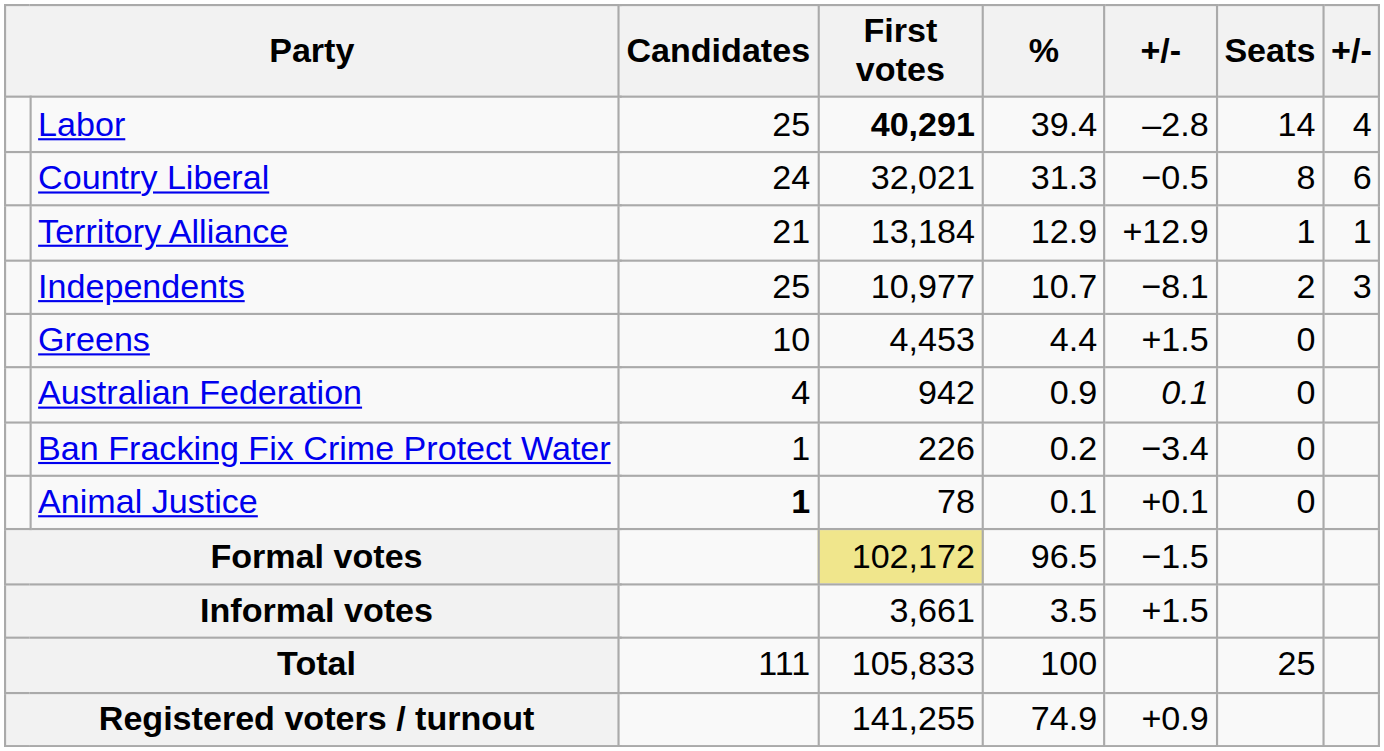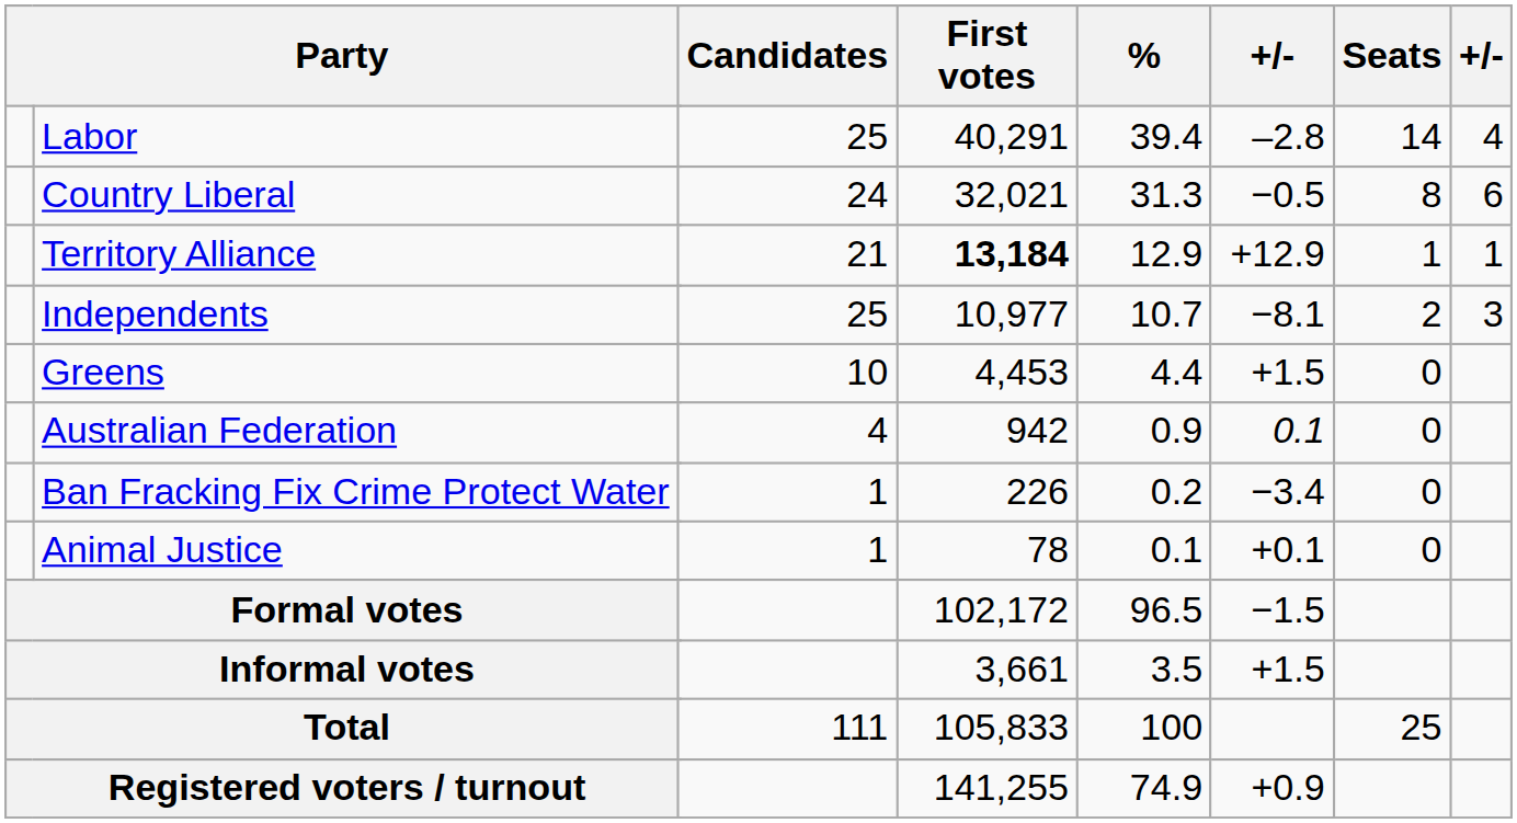 <table class="wikitable" style="text-align:right;  margin-bottom:0">
 <tr>
 <th style="width:10px" colspan=3>Party</th>
 <th style="width:40px;">Candidates</th>
 <th style="width:70px;">First<br>votes</th>
 <th style="width:50px;">%</th>
 <th style="width:40px;">+/-</th>
 <th style="width:40px;">Seats</th>
 <th>+/-</th>
 </tr>
 <tr>
 <td> </td>
 <td style="text-align:left;" colspan="2"><a href='#'>Labor</a></td>
 <td style="width:40px;">25</td>
-<td style="width:70px;"><strong>40,291</strong></td>
+<td style="width:70px;">40,291</td>
 <td style="width:40px;">39.4</td>
 <td style="width:45px;">–2.8</td>
 <td style="width:40px;">14</td>
 <td> 4</td>
 </tr>
 <tr>
 <td> </td>
 <td style="text-align:left;" colspan="2"><a href='#'>Country Liberal</a></td>
 <td>24</td>
 <td>32,021</td>
 <td>31.3</td>
 <td>−0.5</td>
 <td>8</td>
 <td> 6</td>
 </tr>
 <tr>
 <td> </td>
 <td style="text-align:left;" colspan="2"><a href='#'>Territory Alliance</a></td>
 <td>21</td>
-<td>13,184</td>
+<td><strong>13,184</strong></td>
 <td>12.9</td>
 <td>+12.9</td>
 <td>1</td>
 <td> 1</td>
 </tr>
 <tr>
 <td> </td>
 <td style="text-align:left;" colspan="2"><a href='#'>Independents</a></td>
 <td>25</td>
 <td>10,977</td>
 <td>10.7</td>
 <td>−8.1</td>
 <td>2</td>
 <td> 3</td>
 </tr>
 <tr>
 <td> </td>
 <td style="text-align:left;" colspan="2"><a href='#'>Greens</a></td>
 <td>10</td>
 <td>4,453</td>
 <td>4.4</td>
 <td>+1.5</td>
 <td>0</td>
 <td></td>
 </tr>
 <tr>
 <td> </td>
 <td style="text-align:left;" colspan="2"><a href='#'>Australian Federation</a></td>
 <td>4</td>
 <td>942</td>
 <td>0.9</td>
 <td><em>0.1</em></td>
 <td>0</td>
 <td></td>
 </tr>
 <tr>
 <td> </td>
 <td style="text-align:left;" colspan="2"><a href='#'>Ban Fracking Fix Crime Protect Water</a></td>
 <td>1</td>
 <td>226</td>
 <td>0.2</td>
 <td>−3.4</td>
 <td>0</td>
 <td></td>
 </tr>
 <tr>
 <td> </td>
 <td style="text-align:left;" colspan="2"><a href='#'>Animal Justice</a></td>
-<td><strong>1</strong></td>
+<td>1</td>
 <td>78</td>
 <td>0.1</td>
 <td>+0.1</td>
 <td>0</td>
 <td></td>
 </tr>
 <tr>
 <th colspan="3" rowspan="1"> Formal votes</th>
 <td></td>
-<td style="background: khaki;">102,172</td>
+<td>102,172</td>
 <td>96.5</td>
 <td>−1.5</td>
 <td></td>
 <td></td>
 </tr>
 <tr>
 <th colspan="3" rowspan="1"> Informal votes</th>
 <td></td>
 <td>3,661</td>
 <td>3.5</td>
 <td>+1.5</td>
 <td></td>
 <td></td>
 </tr>
 <tr>
 <th colspan="3" rowspan="1"> <strong>Total </strong></th>
 <td>111</td>
 <td>105,833</td>
 <td>100</td>
 <td></td>
 <td>25</td>
 <td></td>
 </tr>
 <tr>
 <th colspan="3" rowspan="1"> Registered voters / turnout</th>
 <td></td>
 <td>141,255</td>
 <td>74.9</td>
 <td>+0.9</td>
 <td></td>
 <td></td>
 </tr>
 <tr>
 </tr>
 </table>
